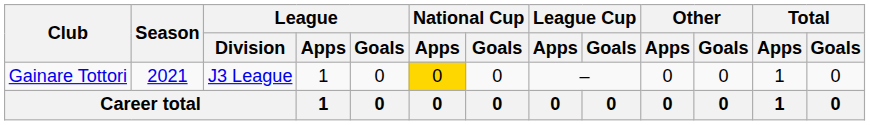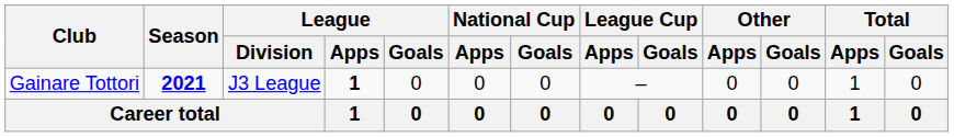 <table class="wikitable" style="text-align: center">
 <tr>
 <th rowspan="2">Club</th>
 <th rowspan="2">Season</th>
 <th colspan="3">League</th>
 <th colspan="2">National Cup</th>
 <th colspan="2">League Cup</th>
 <th colspan="2">Other</th>
 <th colspan="2">Total</th>
 </tr>
 <tr>
 <th>Division</th>
 <th>Apps</th>
 <th>Goals</th>
 <th>Apps</th>
 <th>Goals</th>
 <th>Apps</th>
 <th>Goals</th>
 <th>Apps</th>
 <th>Goals</th>
 <th>Apps</th>
 <th>Goals</th>
 </tr>
 <tr>
 <td><a href='#'>Gainare Tottori</a></td>
-<td><a href='#'>2021</a></td>
+<td><strong><a href='#'>2021</a></strong></td>
 <td><a href='#'>J3 League</a></td>
-<td>1</td>
+<td><strong>1</strong></td>
 <td>0</td>
-<td style="background: gold;">0</td>
+<td>0</td>
 <td>0</td>
 <td colspan="2">–</td>
 <td>0</td>
 <td>0</td>
 <td>1</td>
 <td>0</td>
 </tr>
 <tr>
 <th colspan=3>Career total</th>
 <th>1</th>
 <th>0</th>
 <th>0</th>
 <th>0</th>
 <th>0</th>
 <th>0</th>
 <th>0</th>
 <th>0</th>
 <th>1</th>
 <th>0</th>
 </tr>
 </table>
